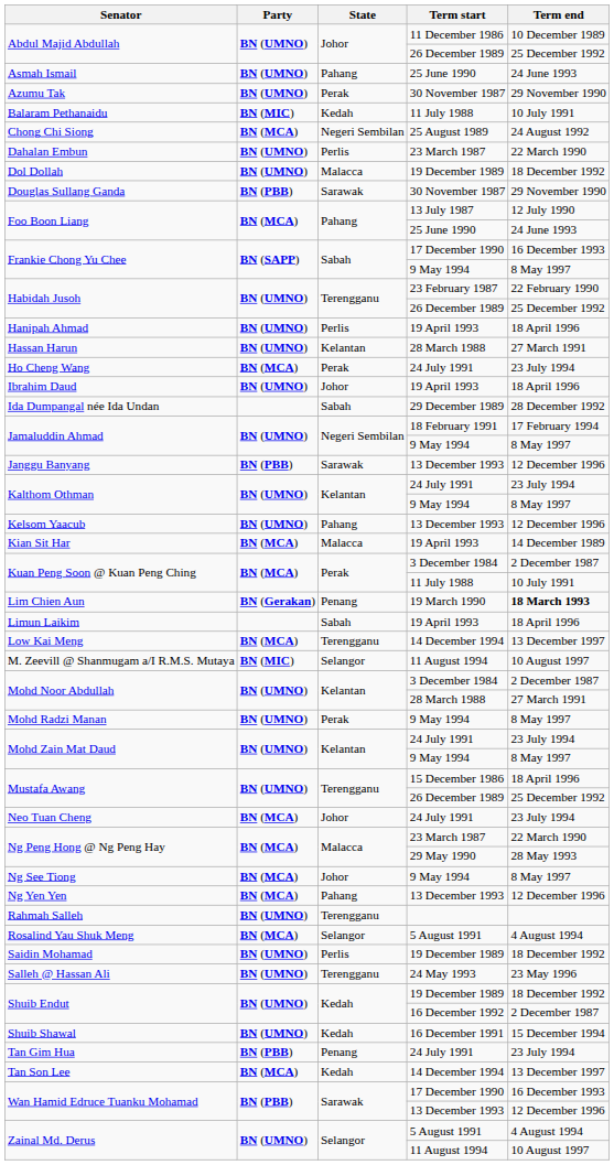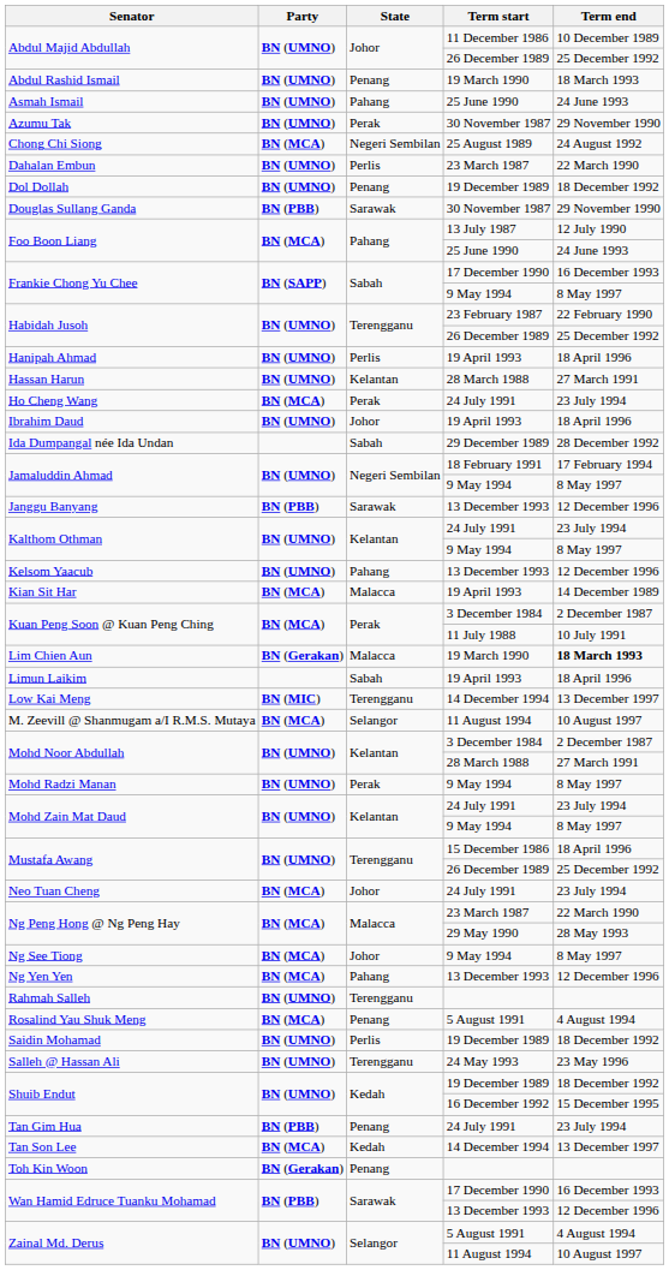 <table class="wikitable sortable">
 <tr>
 <th>Senator</th>
 <th>Party</th>
 <th>State</th>
 <th>Term start</th>
 <th>Term end</th>
 </tr>
 <tr>
 <td rowspan=2><a href='#'>Abdul Majid Abdullah</a></td>
 <td rowspan=2><strong><a href='#'>BN</a></strong> (<strong><a href='#'>UMNO</a></strong>)</td>
 <td rowspan=2>Johor</td>
 <td>11 December 1986</td>
 <td>10 December 1989</td>
 </tr>
 <tr>
 <td>26 December 1989</td>
 <td>25 December 1992</td>
 </tr>
 <tr>
+<td><a href='#'>Abdul Rashid Ismail</a></td>
+<td><strong><a href='#'>BN</a></strong> (<strong><a href='#'>UMNO</a></strong>)</td>
+<td>Penang</td>
+<td>19 March 1990</td>
+<td>18 March 1993</td>
+</tr>
+<tr>
 <td><a href='#'>Asmah Ismail</a></td>
 <td><strong><a href='#'>BN</a></strong> (<strong><a href='#'>UMNO</a></strong>)</td>
 <td>Pahang</td>
 <td>25 June 1990</td>
 <td>24 June 1993</td>
 </tr>
 <tr>
 <td><a href='#'>Azumu Tak</a></td>
 <td><strong><a href='#'>BN</a></strong> (<strong><a href='#'>UMNO</a></strong>)</td>
 <td>Perak</td>
 <td>30 November 1987</td>
 <td>29 November 1990</td>
-</tr>
-<tr>
-<td><a href='#'>Balaram Pethanaidu</a></td>
-<td><strong><a href='#'>BN</a></strong> (<strong><a href='#'>MIC</a></strong>)</td>
-<td>Kedah</td>
-<td>11 July 1988</td>
-<td>10 July 1991</td>
 </tr>
 <tr>
 <td><a href='#'>Chong Chi Siong</a></td>
 <td><strong><a href='#'>BN</a></strong> (<strong><a href='#'>MCA</a></strong>)</td>
 <td>Negeri Sembilan</td>
 <td>25 August 1989</td>
 <td>24 August 1992</td>
 </tr>
 <tr>
 <td><a href='#'>Dahalan Embun</a></td>
 <td><strong><a href='#'>BN</a></strong> (<strong><a href='#'>UMNO</a></strong>)</td>
 <td>Perlis</td>
 <td>23 March 1987</td>
 <td>22 March 1990</td>
 </tr>
 <tr>
 <td><a href='#'>Dol Dollah</a></td>
 <td><strong><a href='#'>BN</a></strong> (<strong><a href='#'>UMNO</a></strong>)</td>
-<td>Malacca</td>
+<td>Penang</td>
 <td>19 December 1989</td>
 <td>18 December 1992</td>
 </tr>
 <tr>
 <td><a href='#'>Douglas Sullang Ganda</a></td>
 <td><strong><a href='#'>BN</a></strong> (<strong><a href='#'>PBB</a></strong>)</td>
 <td>Sarawak</td>
 <td>30 November 1987</td>
 <td>29 November 1990</td>
 </tr>
 <tr>
 <td rowspan=2><a href='#'>Foo Boon Liang</a></td>
 <td rowspan=2><strong><a href='#'>BN</a></strong> (<strong><a href='#'>MCA</a></strong>)</td>
 <td rowspan=2>Pahang</td>
 <td>13 July 1987</td>
 <td>12 July 1990</td>
 </tr>
 <tr>
 <td>25 June 1990</td>
 <td>24 June 1993</td>
 </tr>
 <tr>
 <td rowspan=2><a href='#'>Frankie Chong Yu Chee</a></td>
 <td rowspan=2><strong><a href='#'>BN</a></strong> (<strong><a href='#'>SAPP</a></strong>)</td>
 <td rowspan=2>Sabah</td>
 <td>17 December 1990</td>
 <td>16 December 1993</td>
 </tr>
 <tr>
 <td>9 May 1994</td>
 <td>8 May 1997</td>
 </tr>
 <tr>
 <td rowspan=2><a href='#'>Habidah Jusoh</a></td>
 <td rowspan=2><strong><a href='#'>BN</a></strong> (<strong><a href='#'>UMNO</a></strong>)</td>
 <td rowspan=2>Terengganu</td>
 <td>23 February 1987</td>
 <td>22 February 1990</td>
 </tr>
 <tr>
 <td>26 December 1989</td>
 <td>25 December 1992</td>
 </tr>
 <tr>
 <td><a href='#'>Hanipah Ahmad</a></td>
 <td><strong><a href='#'>BN</a></strong> (<strong><a href='#'>UMNO</a></strong>)</td>
 <td>Perlis</td>
 <td>19 April 1993</td>
 <td>18 April 1996</td>
 </tr>
 <tr>
 <td><a href='#'>Hassan Harun</a></td>
 <td><strong><a href='#'>BN</a></strong> (<strong><a href='#'>UMNO</a></strong>)</td>
 <td>Kelantan</td>
 <td>28 March 1988</td>
 <td>27 March 1991</td>
 </tr>
 <tr>
 <td><a href='#'>Ho Cheng Wang</a></td>
 <td><strong><a href='#'>BN</a></strong> (<strong><a href='#'>MCA</a></strong>)</td>
 <td>Perak</td>
 <td>24 July 1991</td>
 <td>23 July 1994</td>
 </tr>
 <tr>
 <td><a href='#'>Ibrahim Daud</a></td>
 <td><strong><a href='#'>BN</a></strong> (<strong><a href='#'>UMNO</a></strong>)</td>
 <td>Johor</td>
 <td>19 April 1993</td>
 <td>18 April 1996</td>
 </tr>
 <tr>
 <td><a href='#'>Ida Dumpangal</a> née Ida Undan</td>
 <td></td>
 <td>Sabah</td>
 <td>29 December 1989</td>
 <td>28 December 1992</td>
 </tr>
 <tr>
 <td rowspan=2><a href='#'>Jamaluddin Ahmad</a></td>
 <td rowspan=2><strong><a href='#'>BN</a></strong> (<strong><a href='#'>UMNO</a></strong>)</td>
 <td rowspan=2>Negeri Sembilan</td>
 <td>18 February 1991</td>
 <td>17 February 1994</td>
 </tr>
 <tr>
 <td>9 May 1994</td>
 <td>8 May 1997</td>
 </tr>
 <tr>
 <td><a href='#'>Janggu Banyang</a></td>
 <td><strong><a href='#'>BN</a></strong> (<strong><a href='#'>PBB</a></strong>)</td>
 <td>Sarawak</td>
 <td>13 December 1993</td>
 <td>12 December 1996</td>
 </tr>
 <tr>
 <td rowspan=2><a href='#'>Kalthom Othman</a></td>
 <td rowspan=2><strong><a href='#'>BN</a></strong> (<strong><a href='#'>UMNO</a></strong>)</td>
 <td rowspan=2>Kelantan</td>
 <td>24 July 1991</td>
 <td>23 July 1994</td>
 </tr>
 <tr>
 <td>9 May 1994</td>
 <td>8 May 1997</td>
 </tr>
 <tr>
 <td><a href='#'>Kelsom Yaacub</a></td>
 <td><strong><a href='#'>BN</a></strong> (<strong><a href='#'>UMNO</a></strong>)</td>
 <td>Pahang</td>
 <td>13 December 1993</td>
 <td>12 December 1996</td>
 </tr>
 <tr>
 <td><a href='#'>Kian Sit Har</a></td>
 <td><strong><a href='#'>BN</a></strong> (<strong><a href='#'>MCA</a></strong>)</td>
 <td>Malacca</td>
 <td>19 April 1993</td>
 <td>14 December 1989</td>
 </tr>
 <tr>
 <td rowspan=2><a href='#'>Kuan Peng Soon</a> @ Kuan Peng Ching</td>
 <td rowspan=2><strong><a href='#'>BN</a></strong> (<strong><a href='#'>MCA</a></strong>)</td>
 <td rowspan=2>Perak</td>
 <td>3 December 1984</td>
 <td>2 December 1987</td>
 </tr>
 <tr>
 <td>11 July 1988</td>
 <td>10 July 1991</td>
 </tr>
 <tr>
 <td><a href='#'>Lim Chien Aun</a></td>
 <td><strong><a href='#'>BN</a></strong> (<strong><a href='#'>Gerakan</a></strong>)</td>
-<td>Penang</td>
+<td>Malacca</td>
 <td>19 March 1990</td>
 <td><strong>18 March 1993</strong></td>
 </tr>
 <tr>
 <td><a href='#'>Limun Laikim</a></td>
 <td></td>
 <td>Sabah</td>
 <td>19 April 1993</td>
 <td>18 April 1996</td>
 </tr>
 <tr>
 <td><a href='#'>Low Kai Meng</a></td>
-<td><strong><a href='#'>BN</a></strong> (<strong><a href='#'>MCA</a></strong>)</td>
+<td><strong><a href='#'>BN</a></strong> (<strong><a href='#'>MIC</a></strong>)</td>
 <td>Terengganu</td>
 <td>14 December 1994</td>
 <td>13 December 1997</td>
 </tr>
 <tr>
 <td>M. Zeevill @ Shanmugam a/I R.M.S. Mutaya</td>
-<td><strong><a href='#'>BN</a></strong> (<strong><a href='#'>MIC</a></strong>)</td>
+<td><strong><a href='#'>BN</a></strong> (<strong><a href='#'>MCA</a></strong>)</td>
 <td>Selangor</td>
 <td>11 August 1994</td>
 <td>10 August 1997</td>
 </tr>
 <tr>
 <td rowspan=2><a href='#'>Mohd Noor Abdullah</a></td>
 <td rowspan=2><strong><a href='#'>BN</a></strong> (<strong><a href='#'>UMNO</a></strong>)</td>
 <td rowspan=2>Kelantan</td>
 <td>3 December 1984</td>
 <td>2 December 1987</td>
 </tr>
 <tr>
 <td>28 March 1988</td>
 <td>27 March 1991</td>
 </tr>
 <tr>
 <td><a href='#'>Mohd Radzi Manan</a></td>
 <td><strong><a href='#'>BN</a></strong> (<strong><a href='#'>UMNO</a></strong>)</td>
 <td>Perak</td>
 <td>9 May 1994</td>
 <td>8 May 1997</td>
 </tr>
 <tr>
 <td rowspan=2><a href='#'>Mohd Zain Mat Daud</a></td>
 <td rowspan=2><strong><a href='#'>BN</a></strong> (<strong><a href='#'>UMNO</a></strong>)</td>
 <td rowspan=2>Kelantan</td>
 <td>24 July 1991</td>
 <td>23 July 1994</td>
 </tr>
 <tr>
 <td>9 May 1994</td>
 <td>8 May 1997</td>
 </tr>
 <tr>
 <td rowspan=2><a href='#'>Mustafa Awang</a></td>
 <td rowspan=2><strong><a href='#'>BN</a></strong> (<strong><a href='#'>UMNO</a></strong>)</td>
 <td rowspan=2>Terengganu</td>
 <td>15 December 1986</td>
 <td>18 April 1996</td>
 </tr>
 <tr>
 <td>26 December 1989</td>
 <td>25 December 1992</td>
 </tr>
 <tr>
 <td><a href='#'>Neo Tuan Cheng</a></td>
 <td><strong><a href='#'>BN</a></strong> (<strong><a href='#'>MCA</a></strong>)</td>
 <td>Johor</td>
 <td>24 July 1991</td>
 <td>23 July 1994</td>
 </tr>
 <tr>
 <td rowspan=2><a href='#'>Ng Peng Hong</a> @ Ng Peng Hay</td>
 <td rowspan=2><strong><a href='#'>BN</a></strong> (<strong><a href='#'>MCA</a></strong>)</td>
 <td rowspan=2>Malacca</td>
 <td>23 March 1987</td>
 <td>22 March 1990</td>
 </tr>
 <tr>
 <td>29 May 1990</td>
 <td>28 May 1993</td>
 </tr>
 <tr>
 <td><a href='#'>Ng See Tiong</a></td>
 <td><strong><a href='#'>BN</a></strong> (<strong><a href='#'>MCA</a></strong>)</td>
 <td>Johor</td>
 <td>9 May 1994</td>
 <td>8 May 1997</td>
 </tr>
 <tr>
 <td><a href='#'>Ng Yen Yen</a></td>
 <td><strong><a href='#'>BN</a></strong> (<strong><a href='#'>MCA</a></strong>)</td>
 <td>Pahang</td>
 <td>13 December 1993</td>
 <td>12 December 1996</td>
 </tr>
 <tr>
 <td><a href='#'>Rahmah Salleh</a></td>
 <td><strong><a href='#'>BN</a></strong> (<strong><a href='#'>UMNO</a></strong>)</td>
 <td>Terengganu</td>
 <td></td>
 <td></td>
 </tr>
 <tr>
 <td><a href='#'>Rosalind Yau Shuk Meng</a></td>
 <td><strong><a href='#'>BN</a></strong> (<strong><a href='#'>MCA</a></strong>)</td>
-<td>Selangor</td>
+<td>Penang</td>
 <td>5 August 1991</td>
 <td>4 August 1994</td>
 </tr>
 <tr>
 <td><a href='#'>Saidin Mohamad</a></td>
 <td><strong><a href='#'>BN</a></strong> (<strong><a href='#'>UMNO</a></strong>)</td>
 <td>Perlis</td>
 <td>19 December 1989</td>
 <td>18 December 1992</td>
 </tr>
 <tr>
 <td><a href='#'>Salleh @ Hassan Ali</a></td>
 <td><strong><a href='#'>BN</a></strong> (<strong><a href='#'>UMNO</a></strong>)</td>
 <td>Terengganu</td>
 <td>24 May 1993</td>
 <td>23 May 1996</td>
 </tr>
 <tr>
 <td rowspan=2><a href='#'>Shuib Endut</a></td>
 <td rowspan=2><strong><a href='#'>BN</a></strong> (<strong><a href='#'>UMNO</a></strong>)</td>
 <td rowspan=2>Kedah</td>
 <td>19 December 1989</td>
 <td>18 December 1992</td>
 </tr>
 <tr>
 <td>16 December 1992</td>
-<td>2 December 1987</td>
-</tr>
-<tr>
-<td><a href='#'>Shuib Shawal</a></td>
-<td><strong><a href='#'>BN</a></strong> (<strong><a href='#'>UMNO</a></strong>)</td>
-<td>Kedah</td>
-<td>16 December 1991</td>
-<td>15 December 1994</td>
+<td>15 December 1995</td>
 </tr>
 <tr>
 <td><a href='#'>Tan Gim Hua</a></td>
 <td><strong><a href='#'>BN</a></strong> (<strong><a href='#'>PBB</a></strong>)</td>
 <td>Penang</td>
 <td>24 July 1991</td>
 <td>23 July 1994</td>
 </tr>
 <tr>
 <td><a href='#'>Tan Son Lee</a></td>
 <td><strong><a href='#'>BN</a></strong> (<strong><a href='#'>MCA</a></strong>)</td>
 <td>Kedah</td>
 <td>14 December 1994</td>
 <td>13 December 1997</td>
+</tr>
+<tr>
+<td><a href='#'>Toh Kin Woon</a></td>
+<td><strong><a href='#'>BN</a></strong> (<strong><a href='#'>Gerakan</a></strong>)</td>
+<td>Penang</td>
+<td></td>
+<td></td>
 </tr>
 <tr>
 <td rowspan=2><a href='#'>Wan Hamid Edruce Tuanku Mohamad</a></td>
 <td rowspan=2><strong><a href='#'>BN</a></strong> (<strong><a href='#'>PBB</a></strong>)</td>
 <td rowspan=2>Sarawak</td>
 <td>17 December 1990</td>
 <td>16 December 1993</td>
 </tr>
 <tr>
 <td>13 December 1993</td>
 <td>12 December 1996</td>
 </tr>
 <tr>
 <td rowspan=2><a href='#'>Zainal Md. Derus</a></td>
 <td rowspan=2><strong><a href='#'>BN</a></strong> (<strong><a href='#'>UMNO</a></strong>)</td>
 <td rowspan=2>Selangor</td>
 <td>5 August 1991</td>
 <td>4 August 1994</td>
 </tr>
 <tr>
 <td>11 August 1994</td>
 <td>10 August 1997</td>
 </tr>
 </table>
